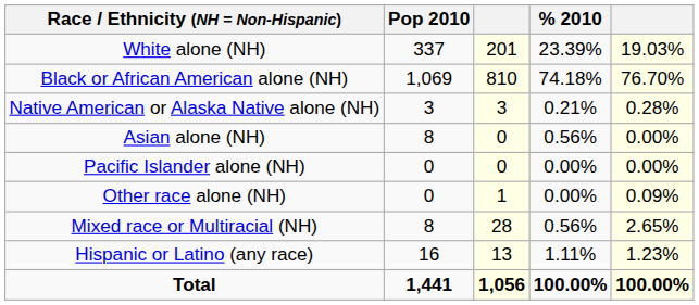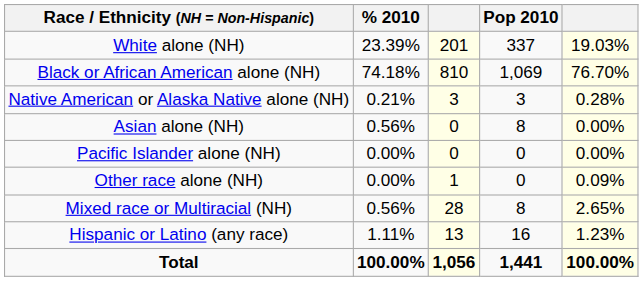 <table class="wikitable" style="text-align:center;">
 <tr>
 <th>Race / Ethnicity <small>(<em>NH = Non-Hispanic</em>)</small></th>
+<th>% 2010</th>
+<th></th>
 <th>Pop 2010</th>
-<th></th>
-<th>% 2010</th>
 <th></th>
 </tr>
 <tr>
 <td><a href='#'>White</a> alone (NH)</td>
+<td>23.39%</td>
+<td style='background: #ffffe6;'>201</td>
 <td>337</td>
-<td style='background: #ffffe6;'>201</td>
-<td>23.39%</td>
 <td style='background: #ffffe6;'>19.03%</td>
 </tr>
 <tr>
 <td><a href='#'>Black or African American</a> alone (NH)</td>
+<td>74.18%</td>
+<td style='background: #ffffe6;'>810</td>
 <td>1,069</td>
-<td style='background: #ffffe6;'>810</td>
-<td>74.18%</td>
 <td style='background: #ffffe6;'>76.70%</td>
 </tr>
 <tr>
 <td><a href='#'>Native American</a> or <a href='#'>Alaska Native</a> alone (NH)</td>
+<td>0.21%</td>
+<td style='background: #ffffe6;'>3</td>
 <td>3</td>
-<td style='background: #ffffe6;'>3</td>
-<td>0.21%</td>
 <td style='background: #ffffe6;'>0.28%</td>
 </tr>
 <tr>
 <td><a href='#'>Asian</a> alone (NH)</td>
+<td>0.56%</td>
+<td style='background: #ffffe6;'>0</td>
 <td>8</td>
-<td style='background: #ffffe6;'>0</td>
-<td>0.56%</td>
 <td style='background: #ffffe6;'>0.00%</td>
 </tr>
 <tr>
 <td><a href='#'>Pacific Islander</a> alone (NH)</td>
+<td>0.00%</td>
+<td style='background: #ffffe6;'>0</td>
 <td>0</td>
-<td style='background: #ffffe6;'>0</td>
-<td>0.00%</td>
 <td style='background: #ffffe6;'>0.00%</td>
 </tr>
 <tr>
 <td><a href='#'>Other race</a> alone (NH)</td>
+<td>0.00%</td>
+<td style='background: #ffffe6;'>1</td>
 <td>0</td>
-<td style='background: #ffffe6;'>1</td>
-<td>0.00%</td>
 <td style='background: #ffffe6;'>0.09%</td>
 </tr>
 <tr>
 <td><a href='#'>Mixed race or Multiracial</a> (NH)</td>
+<td>0.56%</td>
+<td style='background: #ffffe6;'>28</td>
 <td>8</td>
-<td style='background: #ffffe6;'>28</td>
-<td>0.56%</td>
 <td style='background: #ffffe6;'>2.65%</td>
 </tr>
 <tr>
 <td><a href='#'>Hispanic or Latino</a> (any race)</td>
+<td>1.11%</td>
+<td style='background: #ffffe6;'>13</td>
 <td>16</td>
-<td style='background: #ffffe6;'>13</td>
-<td>1.11%</td>
 <td style='background: #ffffe6;'>1.23%</td>
 </tr>
 <tr>
 <td><strong>Total</strong></td>
+<td><strong>100.00%</strong></td>
+<td style='background: #ffffe6;'><strong>1,056</strong></td>
 <td><strong>1,441</strong></td>
-<td style='background: #ffffe6;'><strong>1,056</strong></td>
-<td><strong>100.00%</strong></td>
 <td style='background: #ffffe6;'><strong>100.00%</strong></td>
 </tr>
 </table>
